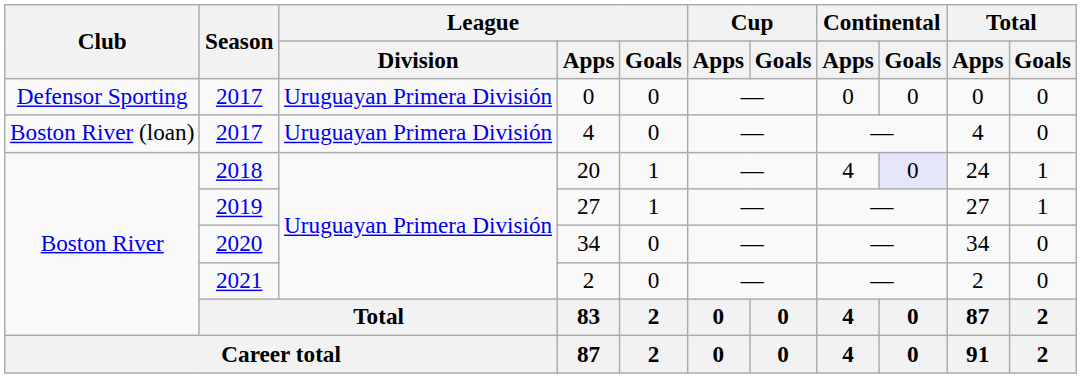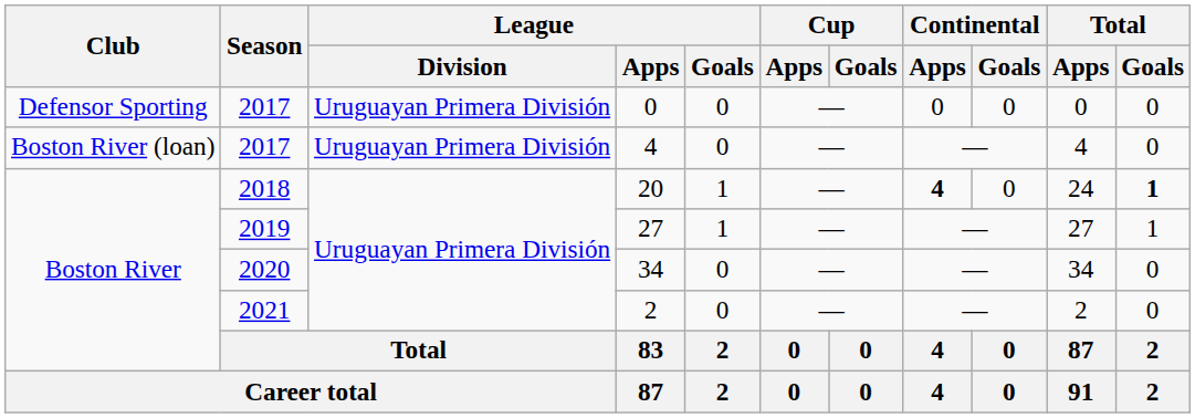 <table class="wikitable" Style="text-align: center">
 <tr>
 <th rowspan="2">Club</th>
 <th rowspan="2">Season</th>
 <th colspan="3">League</th>
 <th colspan="2">Cup</th>
 <th colspan="2">Continental</th>
 <th colspan="2">Total</th>
 </tr>
 <tr>
 <th>Division</th>
 <th>Apps</th>
 <th>Goals</th>
 <th>Apps</th>
 <th>Goals</th>
 <th>Apps</th>
 <th>Goals</th>
 <th>Apps</th>
 <th>Goals</th>
 </tr>
 <tr>
 <td rowspan="1"><a href='#'>Defensor Sporting</a></td>
 <td><a href='#'>2017</a></td>
 <td rowspan="1"><a href='#'>Uruguayan Primera División</a></td>
 <td>0</td>
 <td>0</td>
 <td colspan="2">—</td>
 <td>0</td>
 <td>0</td>
 <td>0</td>
 <td>0</td>
 </tr>
 <tr>
 <td rowspan="1"><a href='#'>Boston River</a> (loan)</td>
 <td><a href='#'>2017</a></td>
 <td rowspan="1"><a href='#'>Uruguayan Primera División</a></td>
 <td>4</td>
 <td>0</td>
 <td colspan="2">—</td>
 <td colspan="2">—</td>
 <td>4</td>
 <td>0</td>
 </tr>
 <tr>
 <td rowspan="5"><a href='#'>Boston River</a></td>
 <td><a href='#'>2018</a></td>
 <td rowspan="4"><a href='#'>Uruguayan Primera División</a></td>
 <td>20</td>
 <td>1</td>
 <td colspan="2">—</td>
-<td>4</td>
-<td style="background: lavender;">0</td>
+<td><strong>4</strong></td>
+<td>0</td>
 <td>24</td>
-<td>1</td>
+<td><strong>1</strong></td>
 </tr>
 <tr>
 <td><a href='#'>2019</a></td>
 <td>27</td>
 <td>1</td>
 <td colspan="2">—</td>
 <td colspan="2">—</td>
 <td>27</td>
 <td>1</td>
 </tr>
 <tr>
 <td><a href='#'>2020</a></td>
 <td>34</td>
 <td>0</td>
 <td colspan="2">—</td>
 <td colspan="2">—</td>
 <td>34</td>
 <td>0</td>
 </tr>
 <tr>
 <td><a href='#'>2021</a></td>
 <td>2</td>
 <td>0</td>
 <td colspan="2">—</td>
 <td colspan="2">—</td>
 <td>2</td>
 <td>0</td>
 </tr>
 <tr>
 <th colspan="2">Total</th>
 <th>83</th>
 <th>2</th>
 <th>0</th>
 <th>0</th>
 <th>4</th>
 <th>0</th>
 <th>87</th>
 <th>2</th>
 </tr>
 <tr>
 <th colspan="3">Career total</th>
 <th>87</th>
 <th>2</th>
 <th>0</th>
 <th>0</th>
 <th>4</th>
 <th>0</th>
 <th>91</th>
 <th>2</th>
 </tr>
 </table>
